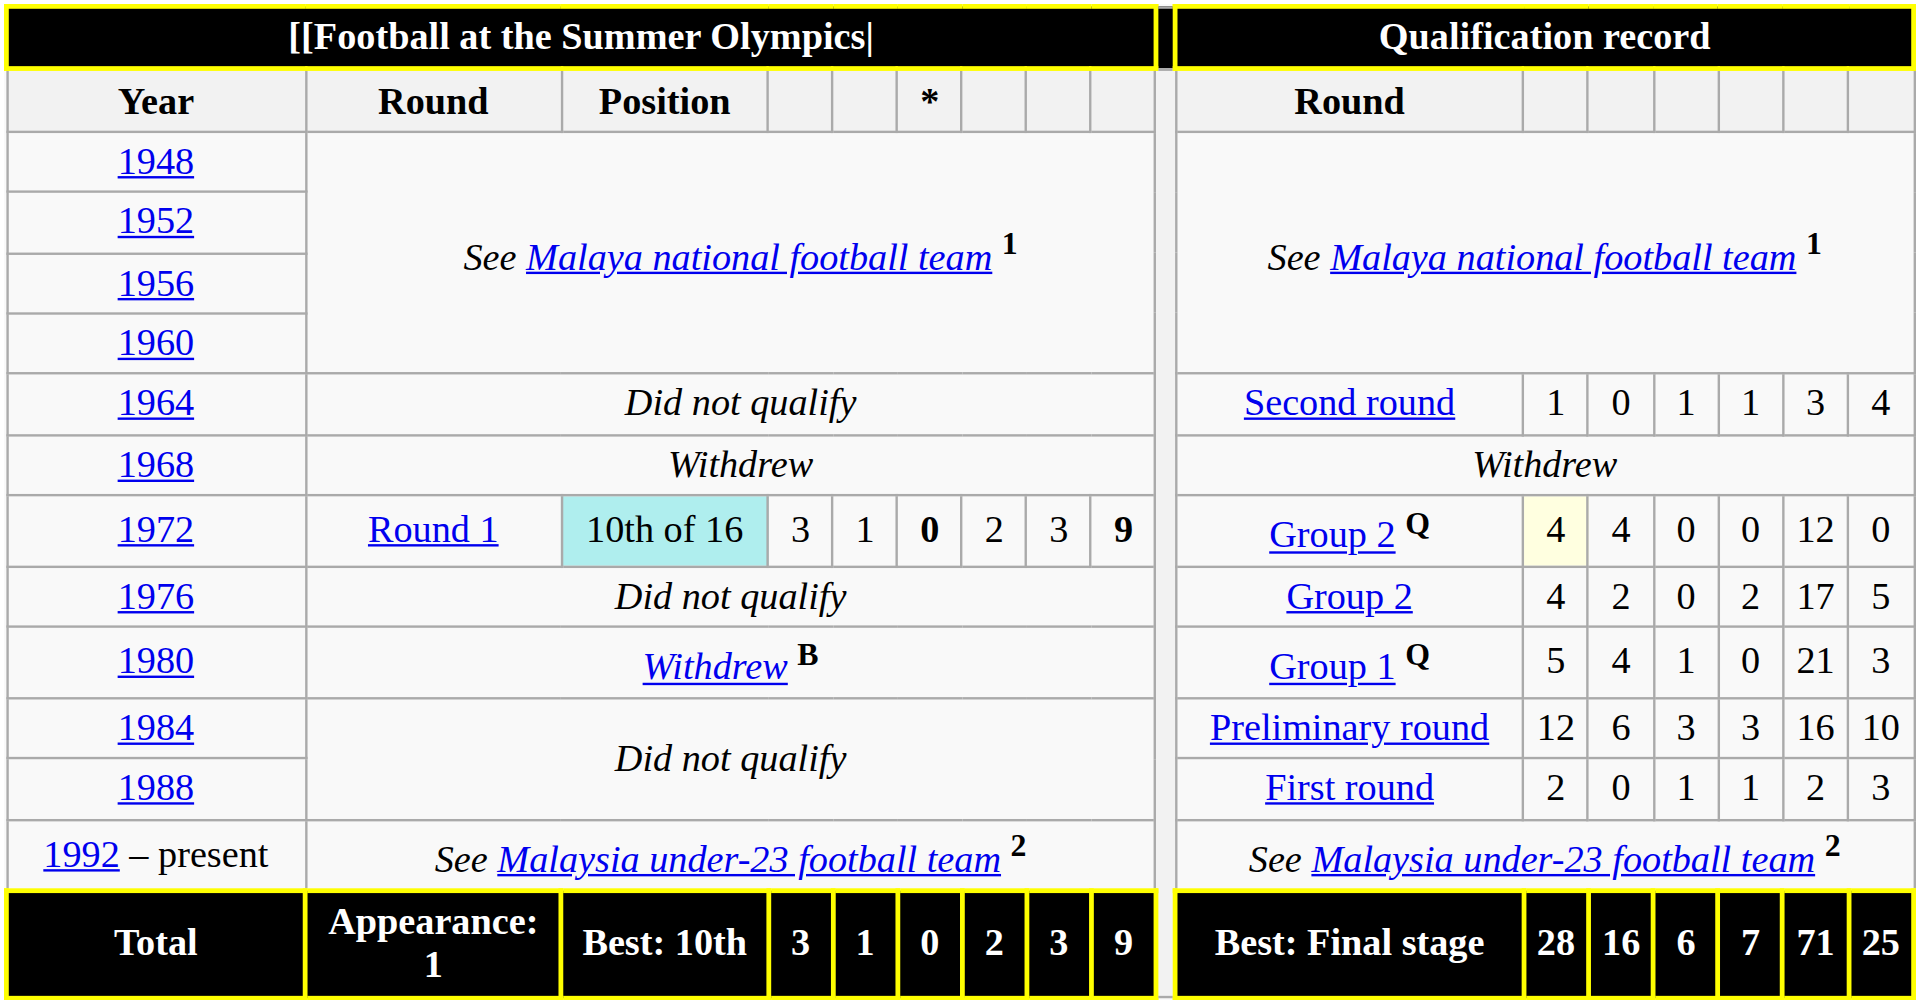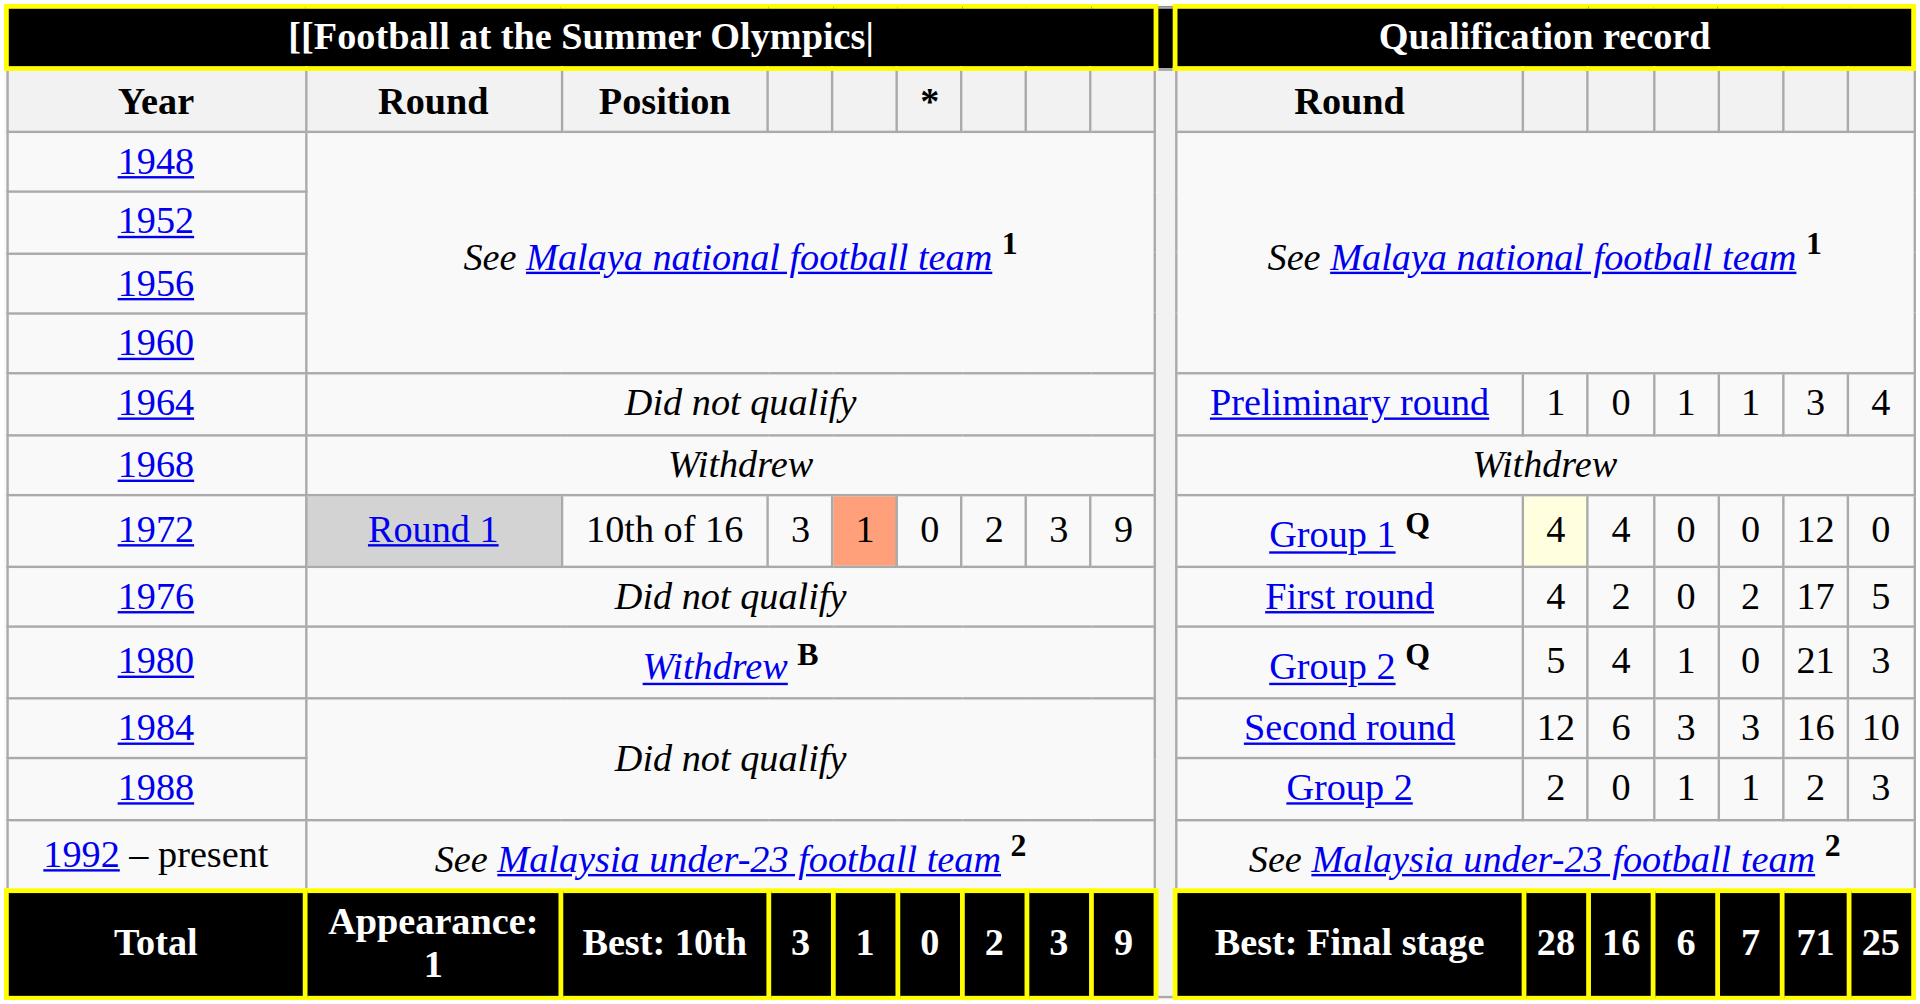 <table class="wikitable" style="text-align: center;font-size:100%; width: 800px;">
 <tr>
 <th colspan=9 style="background: #000000; color: #FFFFFF; border:2px solid #FFFF00;">[[Football at the Summer Olympics|</th>
 <th style="background: #000000; color: #FFFFFF;"></th>
 <th colspan=7 style="background: #000000; color: #FFFFFF; border:2px solid #FFFF00;">Qualification record</th>
 </tr>
 <tr>
 <th width=120>Year</th>
 <th width=100>Round</th>
 <th width=80>Position</th>
 <th width=20></th>
 <th width=20></th>
 <th width=20>*</th>
 <th width=20></th>
 <th width=20></th>
 <th width=20></th>
 <th style="width:1%;" rowspan="19"></th>
 <th width=140>Round</th>
 <th width=20></th>
 <th width=20></th>
 <th width=20></th>
 <th width=20></th>
 <th width=20></th>
 <th width=20></th>
 </tr>
 <tr>
 <td> <a href='#'>1948</a></td>
 <td rowspan="4" colspan="9"><em>See <a href='#'>Malaya national football team</a></em> <strong><sup>1</sup></strong></td>
 <td rowspan="4" colspan="8"><em>See <a href='#'>Malaya national football team</a></em> <strong><sup>1</sup></strong></td>
 </tr>
 <tr>
 <td> <a href='#'>1952</a></td>
 </tr>
 <tr>
 <td> <a href='#'>1956</a></td>
 </tr>
 <tr>
 <td> <a href='#'>1960</a></td>
 </tr>
 <tr>
 <td> <a href='#'>1964</a></td>
 <td colspan="9"><em>Did not qualify</em></td>
-<td><a href='#'>Second round</a></td>
+<td><a href='#'>Preliminary round</a></td>
 <td>1</td>
 <td>0</td>
 <td>1</td>
 <td>1</td>
 <td>3</td>
 <td>4</td>
 </tr>
 <tr>
 <td> <a href='#'>1968</a></td>
 <td colspan="9"><em>Withdrew</em></td>
 <td colspan="8"><em>Withdrew</em></td>
 </tr>
 <tr>
 <td> <a href='#'>1972</a></td>
-<td><a href='#'>Round 1</a></td>
-<td style="background: paleturquoise;">10th of 16</td>
+<td style="background: lightgrey;"><a href='#'>Round 1</a></td>
+<td>10th of 16</td>
 <td>3</td>
-<td>1</td>
-<td><strong>0</strong></td>
+<td style="background: lightsalmon;">1</td>
+<td>0</td>
 <td>2</td>
 <td>3</td>
-<td><strong>9</strong></td>
-<td><a href='#'>Group 2</a> <strong><sup>Q</sup></strong></td>
+<td>9</td>
+<td><a href='#'>Group 1</a> <strong><sup>Q</sup></strong></td>
 <td style="background: lightyellow;">4</td>
 <td>4</td>
 <td>0</td>
 <td>0</td>
 <td>12</td>
 <td>0</td>
 </tr>
 <tr>
 <td> <a href='#'>1976</a></td>
 <td colspan="8"><em>Did not qualify</em></td>
-<td><a href='#'>Group 2</a></td>
+<td><a href='#'>First round</a></td>
 <td>4</td>
 <td>2</td>
 <td>0</td>
 <td>2</td>
 <td>17</td>
 <td>5</td>
 </tr>
 <tr>
 <td> <a href='#'>1980</a></td>
 <td colspan="8"><em><a href='#'>Withdrew</a></em> <strong><sup>B</sup></strong></td>
-<td><a href='#'>Group 1</a> <strong><sup>Q</sup></strong></td>
+<td><a href='#'>Group 2</a> <strong><sup>Q</sup></strong></td>
 <td>5</td>
 <td>4</td>
 <td>1</td>
 <td>0</td>
 <td>21</td>
 <td>3</td>
 </tr>
 <tr>
 <td> <a href='#'>1984</a></td>
 <td rowspan="2" colspan="8"><em>Did not qualify</em></td>
-<td><a href='#'>Preliminary round</a></td>
+<td><a href='#'>Second round</a></td>
 <td>12</td>
 <td>6</td>
 <td>3</td>
 <td>3</td>
 <td>16</td>
 <td>10</td>
 </tr>
 <tr>
 <td> <a href='#'>1988</a></td>
-<td><a href='#'>First round</a></td>
+<td><a href='#'>Group 2</a></td>
 <td>2</td>
 <td>0</td>
 <td>1</td>
 <td>1</td>
 <td>2</td>
 <td>3</td>
 </tr>
 <tr>
 <td> <a href='#'>1992</a> – present</td>
 <td colspan="8"><em>See <a href='#'>Malaysia under-23 football team</a></em> <strong><sup>2</sup></strong></td>
 <td colspan="8"><em>See <a href='#'>Malaysia under-23 football team</a></em> <strong><sup>2</sup></strong></td>
 </tr>
 <tr>
 <td style="background: #000000; color: #FFFFFF; border:2px solid #FFFF00;"><strong>Total</strong></td>
 <td style="background: #000000; color: #FFFFFF; border:2px solid #FFFF00;"><strong>Appearance: 1</strong></td>
 <td style="background: #000000; color: #FFFFFF; border:2px solid #FFFF00;"><strong>Best: 10th</strong></td>
 <td style="background: #000000; color: #FFFFFF; border:2px solid #FFFF00;"><strong>3</strong></td>
 <td style="background: #000000; color: #FFFFFF; border:2px solid #FFFF00;"><strong>1</strong></td>
 <td style="background: #000000; color: #FFFFFF; border:2px solid #FFFF00;"><strong>0</strong></td>
 <td style="background: #000000; color: #FFFFFF; border:2px solid #FFFF00;"><strong>2</strong></td>
 <td style="background: #000000; color: #FFFFFF; border:2px solid #FFFF00;"><strong>3</strong></td>
 <td style="background: #000000; color: #FFFFFF; border:2px solid #FFFF00;"><strong>9</strong></td>
 <td style="background: #000000; color: #FFFFFF; border:2px solid #FFFF00;"><strong>Best: Final stage</strong></td>
 <td style="background: #000000; color: #FFFFFF; border:2px solid #FFFF00;"><strong>28</strong></td>
 <td style="background: #000000; color: #FFFFFF; border:2px solid #FFFF00;"><strong>16</strong></td>
 <td style="background: #000000; color: #FFFFFF; border:2px solid #FFFF00;"><strong>6</strong></td>
 <td style="background: #000000; color: #FFFFFF; border:2px solid #FFFF00;"><strong>7</strong></td>
 <td style="background: #000000; color: #FFFFFF; border:2px solid #FFFF00;"><strong>71</strong></td>
 <td style="background: #000000; color: #FFFFFF; border:2px solid #FFFF00;"><strong>25</strong></td>
 </tr>
 </table>
